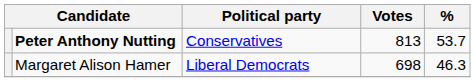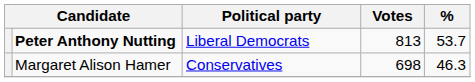 <table class="wikitable">
 <tr>
 <th valign=top colspan="2" style="width: 180px">Candidate</th>
 <th valign=top style="width: 180px">Political party</th>
 <th valign=top style="width: 60px">Votes</th>
 <th valign=top style="width: 40px">%</th>
 </tr>
 <tr>
 <th style="background-color: "></th>
 <td><strong>Peter Anthony Nutting</strong></td>
-<td><a href='#'>Conservatives</a></td>
+<td><a href='#'>Liberal Democrats</a></td>
 <td align="right">813</td>
 <td align="right">53.7</td>
 </tr>
 <tr>
 <th style="background-color: "></th>
 <td>Margaret Alison Hamer</td>
-<td><a href='#'>Liberal Democrats</a></td>
+<td><a href='#'>Conservatives</a></td>
 <td align="right">698</td>
 <td align="right">46.3</td>
 </tr>
 <tr>
 </tr>
 </table>
